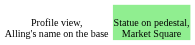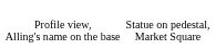 <table align="center" style="text-align:center; border-spacing: 6px;">
 <tr>
 <td></td>
 <td></td>
 </tr>
 <tr>
 <td><br>Profile view,<br>Alling's name on the base</td>
-<td style="background: lightgreen;"><br>Statue on pedestal,<br>Market Square</td>
+<td><br>Statue on pedestal,<br>Market Square</td>
 </tr>
 </table>
